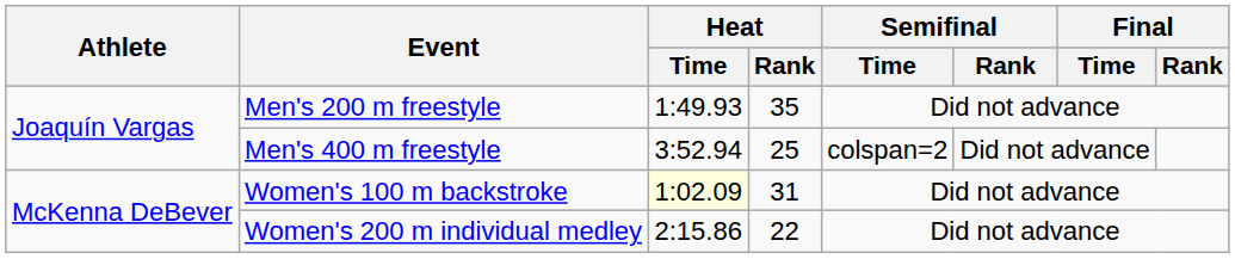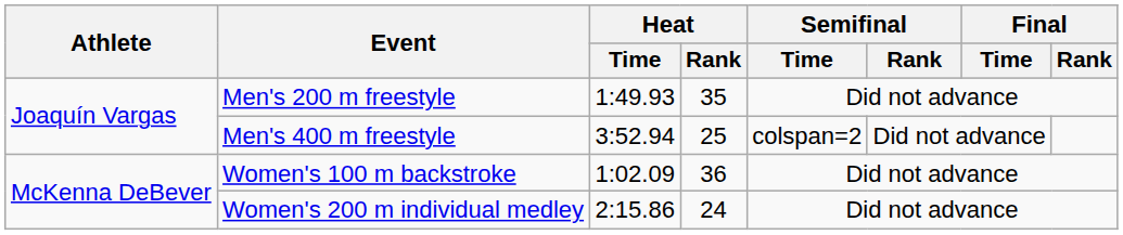 <table class=wikitable style="font-size:90%">
 <tr>
 <th rowspan="2">Athlete</th>
 <th rowspan="2">Event</th>
 <th colspan="2">Heat</th>
 <th colspan="2">Semifinal</th>
 <th colspan="2">Final</th>
 </tr>
 <tr style="font-size:95%">
 <th>Time</th>
 <th>Rank</th>
 <th>Time</th>
 <th>Rank</th>
 <th>Time</th>
 <th>Rank</th>
 </tr>
 <tr align=center>
 <td align=left rowspan=2><a href='#'>Joaquín Vargas</a></td>
 <td align=left><a href='#'>Men's 200 m freestyle</a></td>
 <td>1:49.93</td>
 <td>35</td>
 <td colspan=4>Did not advance</td>
 </tr>
 <tr align=center>
 <td align=left><a href='#'>Men's 400 m freestyle</a></td>
 <td>3:52.94</td>
 <td>25</td>
 <td>colspan=2 </td>
 <td colspan=2>Did not advance</td>
 </tr>
 <tr align=center>
 <td align=left rowspan=2><a href='#'>McKenna DeBever</a></td>
 <td align=left><a href='#'>Women's 100 m backstroke</a></td>
-<td style="background: lightyellow;">1:02.09</td>
-<td>31</td>
+<td>1:02.09</td>
+<td>36</td>
 <td colspan=4>Did not advance</td>
 </tr>
 <tr align=center>
 <td align=left><a href='#'>Women's 200 m individual medley</a></td>
 <td>2:15.86</td>
-<td>22</td>
+<td>24</td>
 <td colspan=4>Did not advance</td>
 </tr>
 </table>
